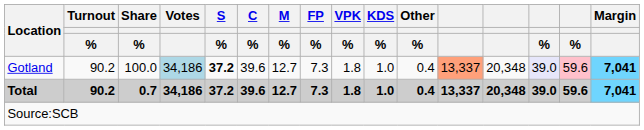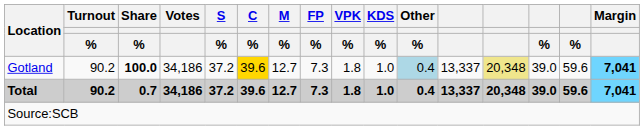 <table class="wikitable sortable" style="text-align:right; font-size:95%; line-height:20px;">
 <tr>
 <th rowspan="3">Location</th>
 <th>Turnout</th>
 <th>Share</th>
 <th>Votes</th>
 <th width="30px" class="unsortable"><a href='#'>S</a></th>
 <th width="30px" class="unsortable"><a href='#'>C</a></th>
 <th width="30px" class="unsortable"><a href='#'>M</a></th>
 <th width="30px" class="unsortable"><a href='#'>FP</a></th>
 <th width="30px" class="unsortable"><a href='#'>VPK</a></th>
 <th width="30px" class="unsortable"><a href='#'>KDS</a></th>
 <th width="30px" class="unsortable">Other</th>
 <th></th>
 <th></th>
 <th></th>
 <th></th>
 <th>Margin</th>
 </tr>
 <tr>
 <th></th>
 <th></th>
 <th></th>
 <th style="background:"></th>
 <th style="background:"></th>
 <th style="background:"></th>
 <th style="background:"></th>
 <th style="background:"></th>
 <th style="background:"></th>
 <th style="background:"></th>
 <th style="background:"></th>
 <th style="background:"></th>
 <th style="background:"></th>
 <th style="background:"></th>
 <th></th>
 </tr>
 <tr>
 <th data-sort-type="number">%</th>
 <th data-sort-type="number">%</th>
 <th></th>
 <th data-sort-type="number">%</th>
 <th data-sort-type="number">%</th>
 <th data-sort-type="number">%</th>
 <th data-sort-type="number">%</th>
 <th data-sort-type="number">%</th>
 <th data-sort-type="number">%</th>
 <th data-sort-type="number">%</th>
 <th data-sort-type="number"></th>
 <th data-sort-type="number"></th>
 <th data-sort-type="number">%</th>
 <th data-sort-type="number">%</th>
 <th data-sort-type="number"></th>
 </tr>
 <tr>
 <td align=left><a href='#'>Gotland</a></td>
 <td>90.2</td>
-<td>100.0</td>
-<td style="background: lightblue;">34,186</td>
-<td><strong>37.2</strong></td>
-<td>39.6</td>
+<td><strong>100.0</strong></td>
+<td>34,186</td>
+<td>37.2</td>
+<td style="background: gold;">39.6</td>
 <td>12.7</td>
 <td>7.3</td>
 <td>1.8</td>
 <td>1.0</td>
-<td>0.4</td>
-<td style="background: lightsalmon;">13,337</td>
-<td>20,348</td>
-<td style="background: lavender;">39.0</td>
-<td style="background: pink;">59.6</td>
+<td style="background: lightblue;">0.4</td>
+<td>13,337</td>
+<td style="background: khaki;">20,348</td>
+<td>39.0</td>
+<td>59.6</td>
 <td bgcolor=#6fd5fe><strong>7,041</strong></td>
 </tr>
 <tr style="background:#CDCDCD;">
 <td align=left><strong>Total</strong></td>
 <td><strong>90.2</strong></td>
 <td><strong>0.7</strong></td>
 <td><strong>34,186</strong></td>
 <td><strong>37.2</strong></td>
 <td><strong>39.6</strong></td>
 <td><strong>12.7</strong></td>
 <td><strong>7.3</strong></td>
 <td><strong>1.8</strong></td>
 <td><strong>1.0</strong></td>
 <td><strong>0.4</strong></td>
 <td><strong>13,337</strong></td>
 <td><strong>20,348</strong></td>
 <td><strong>39.0</strong></td>
 <td><strong>59.6</strong></td>
 <td bgcolor=#6fd5fe><strong>7,041</strong></td>
 </tr>
 <tr>
 <td align=left colspan=16>Source:SCB </td>
 </tr>
 </table>
